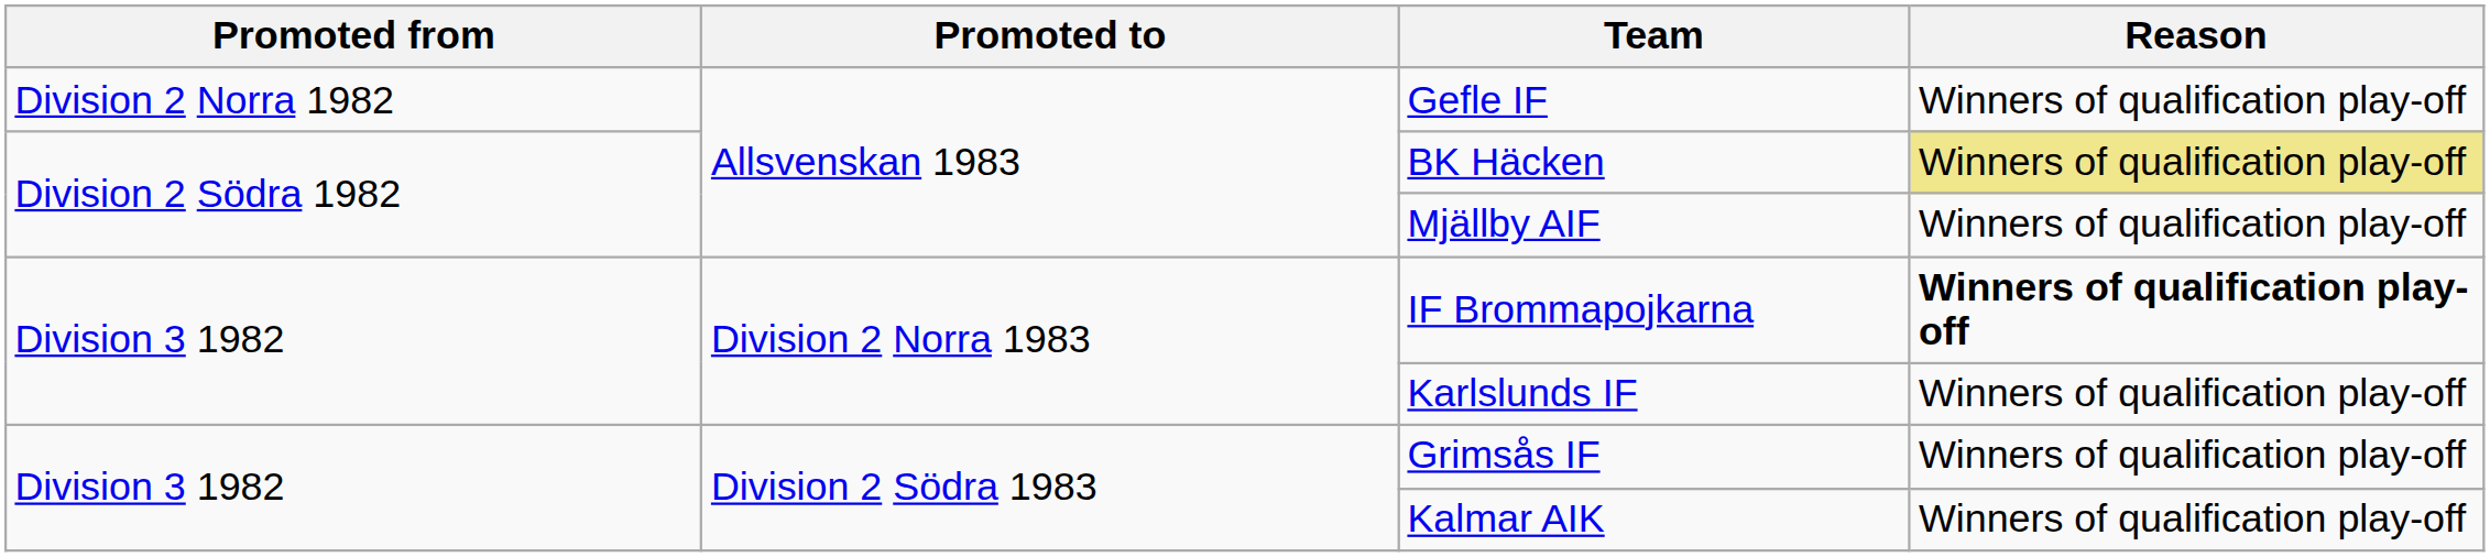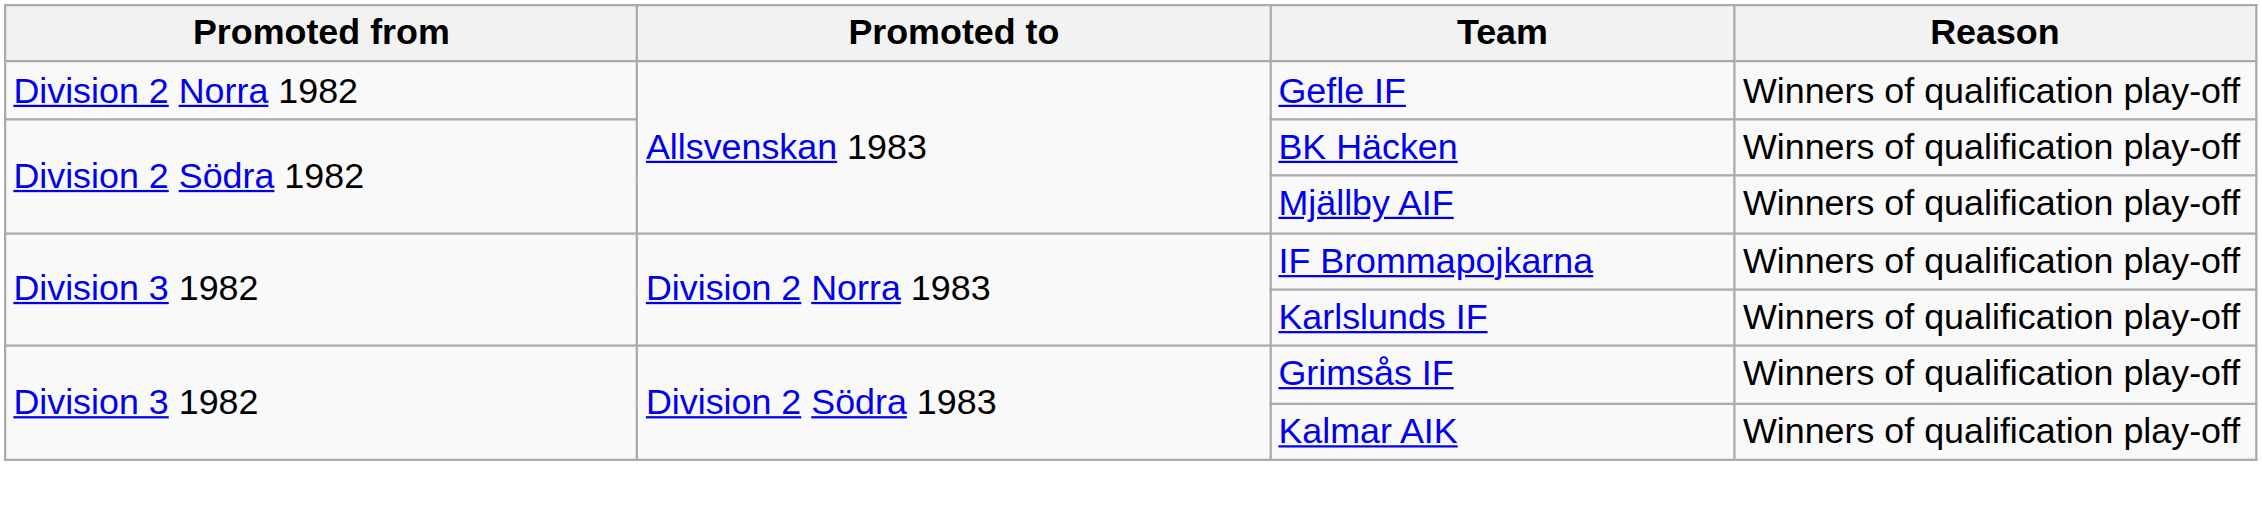 <table class="wikitable" style="text-align: left;">
 <tr>
 <th style="width: 275px;">Promoted from</th>
 <th style="width: 275px;">Promoted to</th>
 <th style="width: 200px;">Team</th>
 <th style="width: 225px;">Reason</th>
 </tr>
 <tr>
 <td><a href='#'>Division 2</a> <a href='#'>Norra</a> 1982</td>
 <td rowspan=3><a href='#'>Allsvenskan</a> 1983</td>
 <td><a href='#'>Gefle IF</a></td>
 <td>Winners of qualification play-off</td>
 </tr>
 <tr>
 <td rowspan=2><a href='#'>Division 2</a> <a href='#'>Södra</a> 1982</td>
 <td><a href='#'>BK Häcken</a></td>
-<td style="background: khaki;">Winners of qualification play-off</td>
+<td>Winners of qualification play-off</td>
 </tr>
 <tr>
 <td><a href='#'>Mjällby AIF</a></td>
 <td>Winners of qualification play-off</td>
 </tr>
 <tr>
 <td rowspan=2><a href='#'>Division 3</a> 1982</td>
 <td rowspan=2><a href='#'>Division 2</a> <a href='#'>Norra</a> 1983</td>
 <td><a href='#'>IF Brommapojkarna</a></td>
-<td><strong>Winners of qualification play-off</strong></td>
+<td>Winners of qualification play-off</td>
 </tr>
 <tr>
 <td><a href='#'>Karlslunds IF</a></td>
 <td>Winners of qualification play-off</td>
 </tr>
 <tr>
 <td rowspan=2><a href='#'>Division 3</a> 1982</td>
 <td rowspan=2><a href='#'>Division 2</a> <a href='#'>Södra</a> 1983</td>
 <td><a href='#'>Grimsås IF</a></td>
 <td>Winners of qualification play-off</td>
 </tr>
 <tr>
 <td><a href='#'>Kalmar AIK</a></td>
 <td>Winners of qualification play-off</td>
 </tr>
 </table>
